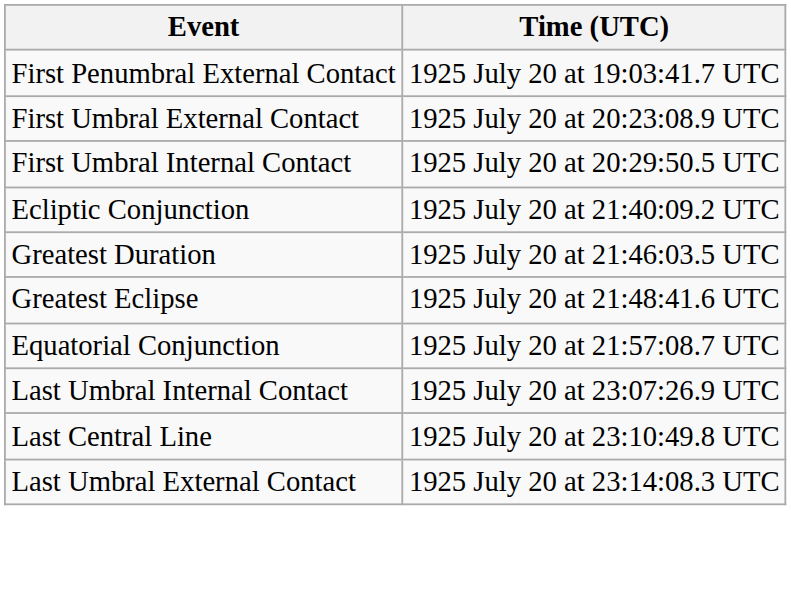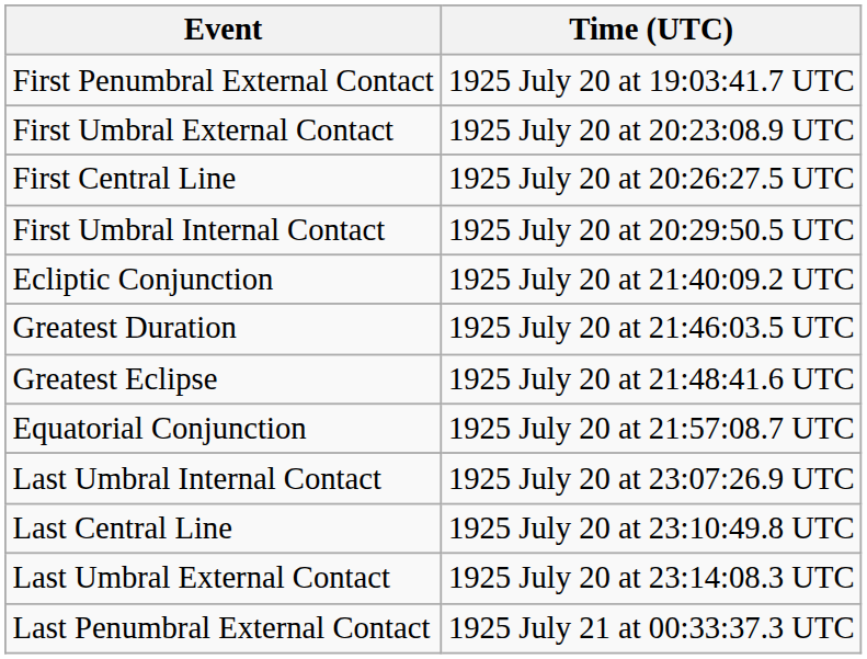 <table class="wikitable">
 <tr>
 <th>Event</th>
 <th>Time (UTC)</th>
 </tr>
 <tr>
 <td>First Penumbral External Contact</td>
 <td>1925 July 20 at 19:03:41.7 UTC</td>
 </tr>
 <tr>
 <td>First Umbral External Contact</td>
 <td>1925 July 20 at 20:23:08.9 UTC</td>
+</tr>
+<tr>
+<td>First Central Line</td>
+<td>1925 July 20 at 20:26:27.5 UTC</td>
 </tr>
 <tr>
 <td>First Umbral Internal Contact</td>
 <td>1925 July 20 at 20:29:50.5 UTC</td>
 </tr>
 <tr>
 <td>Ecliptic Conjunction</td>
 <td>1925 July 20 at 21:40:09.2 UTC</td>
 </tr>
 <tr>
 <td>Greatest Duration</td>
 <td>1925 July 20 at 21:46:03.5 UTC</td>
 </tr>
 <tr>
 <td>Greatest Eclipse</td>
 <td>1925 July 20 at 21:48:41.6 UTC</td>
 </tr>
 <tr>
 <td>Equatorial Conjunction</td>
 <td>1925 July 20 at 21:57:08.7 UTC</td>
 </tr>
 <tr>
 <td>Last Umbral Internal Contact</td>
 <td>1925 July 20 at 23:07:26.9 UTC</td>
 </tr>
 <tr>
 <td>Last Central Line</td>
 <td>1925 July 20 at 23:10:49.8 UTC</td>
 </tr>
 <tr>
 <td>Last Umbral External Contact</td>
 <td>1925 July 20 at 23:14:08.3 UTC</td>
 </tr>
+<tr>
+<td>Last Penumbral External Contact</td>
+<td>1925 July 21 at 00:33:37.3 UTC</td>
+</tr>
 </table>
